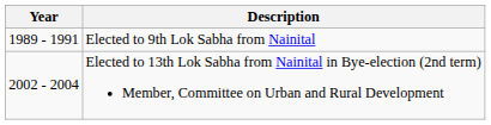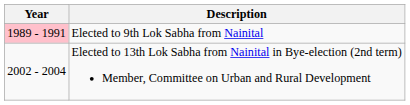 <table class="wikitable">
 <tr>
 <th>Year</th>
 <th>Description</th>
 </tr>
 <tr>
-<td>1989 - 1991</td>
+<td style="background: pink;">1989 - 1991</td>
 <td>Elected to 9th Lok Sabha from <a href='#'>Nainital</a></td>
 </tr>
 <tr>
 <td>2002 - 2004</td>
 <td>Elected to 13th Lok Sabha from <a href='#'>Nainital</a> in Bye-election (2nd term)<br><ul><li>Member, Committee on Urban and Rural Development</li></ul></td>
 </tr>
 </table>
